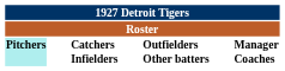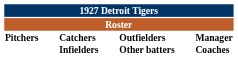 <table class="toccolours" style="font-size: 95%;">
 <tr>
 <th colspan="10" style="background-color: #003366; color: white; text-align: center;">1927 Detroit Tigers</th>
 </tr>
 <tr>
 <td colspan="10" style="background-color: #bd5d29; color: white; text-align: center;"><strong>Roster</strong></td>
 </tr>
 <tr>
-<td valign="top" style="background: paleturquoise;"><strong>Pitchers</strong><br>             </td>
+<td valign="top"><strong>Pitchers</strong><br>             </td>
 <td width="25px"></td>
 <td valign="top"><strong>Catchers</strong><br>   <strong>Infielders</strong>       </td>
 <td width="25px"></td>
 <td valign="top"><strong>Outfielders</strong><br>     <strong>Other batters</strong> </td>
 <td width="25px"></td>
 <td valign="top"><strong>Manager</strong><br> <strong>Coaches</strong> </td>
 </tr>
 </table>
